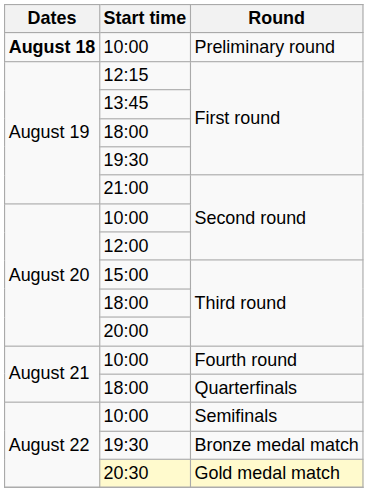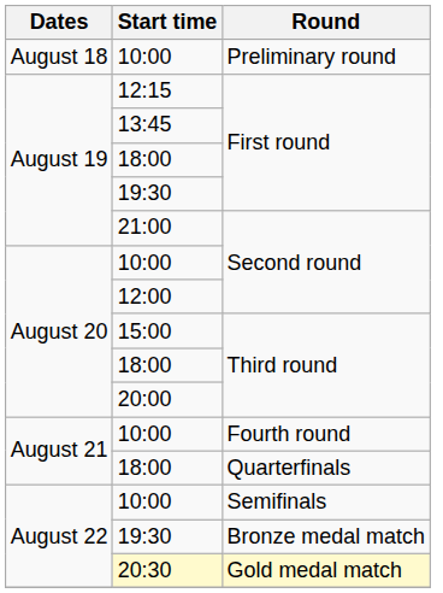 <table class="wikitable">
 <tr>
 <th>Dates</th>
 <th>Start time</th>
 <th>Round</th>
 </tr>
 <tr>
-<td><strong>August 18</strong></td>
+<td>August 18</td>
 <td>10:00</td>
 <td>Preliminary round</td>
 </tr>
 <tr>
 <td rowspan=5>August 19</td>
 <td>12:15</td>
 <td rowspan=4>First round</td>
 </tr>
 <tr>
 <td>13:45</td>
 </tr>
 <tr>
 <td>18:00</td>
 </tr>
 <tr>
 <td>19:30</td>
 </tr>
 <tr>
 <td>21:00</td>
 <td rowspan=3>Second round</td>
 </tr>
 <tr>
 <td rowspan=5>August 20</td>
 <td>10:00</td>
 </tr>
 <tr>
 <td>12:00</td>
 </tr>
 <tr>
 <td>15:00</td>
 <td rowspan=3>Third round</td>
 </tr>
 <tr>
 <td>18:00</td>
 </tr>
 <tr>
 <td>20:00</td>
 </tr>
 <tr>
 <td rowspan=2>August 21</td>
 <td>10:00</td>
 <td>Fourth round</td>
 </tr>
 <tr>
 <td>18:00</td>
 <td>Quarterfinals</td>
 </tr>
 <tr>
 <td rowspan=3>August 22</td>
 <td>10:00</td>
 <td>Semifinals</td>
 </tr>
 <tr>
 <td>19:30</td>
 <td>Bronze medal match</td>
 </tr>
 <tr style=background:lemonchiffon>
 <td>20:30</td>
 <td>Gold medal match</td>
 </tr>
 <tr>
 </tr>
 </table>
